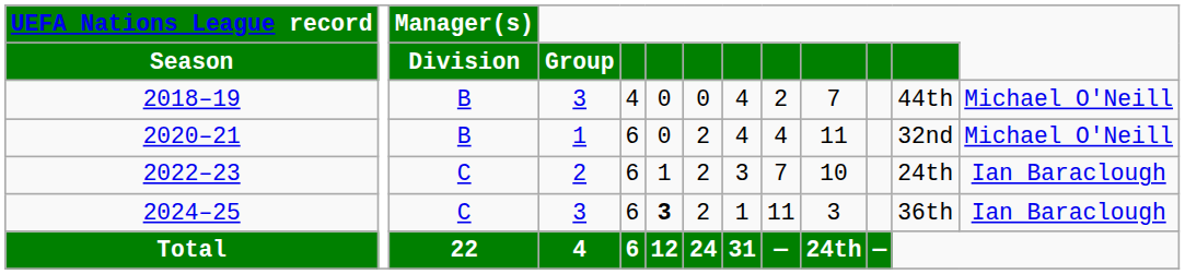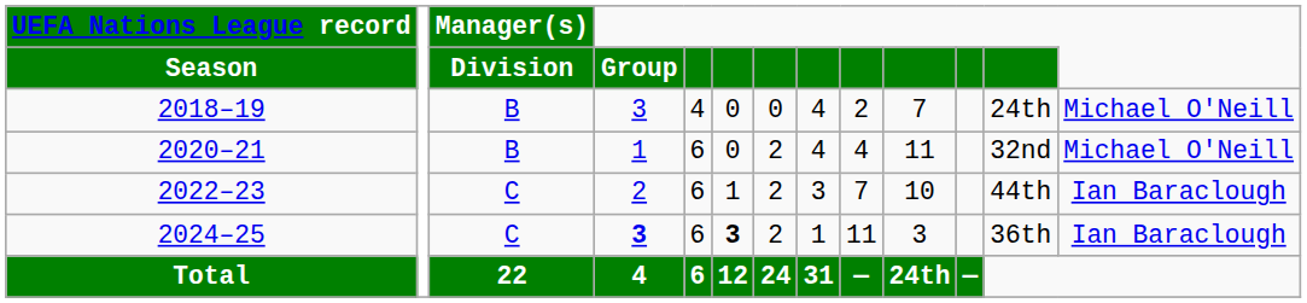 <table class="wikitable" style="text-align:center;">
 <tr>
 <th style="background-color:#008000; color:white; "><a href='#'>UEFA Nations League</a> record</th>
 <th style="background:white" rowspan="7"></th>
 <th style="background-color:#008000; color:white; ">Manager(s)</th>
 </tr>
 <tr>
 <th style="background-color:#008000; color:white; ">Season</th>
 <th style="background-color:#008000; color:white; ">Division</th>
 <th style="background-color:#008000; color:white; ">Group</th>
 <th style="background-color:#008000; color:white; "></th>
 <th style="background-color:#008000; color:white; "></th>
 <th style="background-color:#008000; color:white; "></th>
 <th style="background-color:#008000; color:white; "></th>
 <th style="background-color:#008000; color:white; "></th>
 <th style="background-color:#008000; color:white; "></th>
 <th style="background-color:#008000; color:white; "></th>
 <th style="background-color:#008000; color:white; "></th>
 </tr>
 <tr>
 <td><a href='#'>2018–19</a></td>
 <td><a href='#'>B</a></td>
 <td><a href='#'>3</a></td>
 <td>4</td>
 <td>0</td>
 <td>0</td>
 <td>4</td>
 <td>2</td>
 <td>7</td>
 <td></td>
-<td>44th</td>
+<td>24th</td>
 <td><a href='#'>Michael O'Neill</a></td>
 </tr>
 <tr>
 <td><a href='#'>2020–21</a></td>
 <td><a href='#'>B</a></td>
 <td><a href='#'>1</a></td>
 <td>6</td>
 <td>0</td>
 <td>2</td>
 <td>4</td>
 <td>4</td>
 <td>11</td>
 <td></td>
 <td>32nd</td>
 <td><a href='#'>Michael O'Neill</a></td>
 </tr>
 <tr>
 <td><a href='#'>2022–23</a></td>
 <td><a href='#'>C</a></td>
 <td><a href='#'>2</a></td>
 <td>6</td>
 <td>1</td>
 <td>2</td>
 <td>3</td>
 <td>7</td>
 <td>10</td>
 <td></td>
-<td>24th</td>
+<td>44th</td>
 <td><a href='#'>Ian Baraclough</a></td>
 </tr>
 <tr>
 <td><a href='#'>2024–25</a></td>
 <td><a href='#'>C</a></td>
-<td><a href='#'>3</a></td>
+<td><strong><a href='#'>3</a></strong></td>
 <td>6</td>
 <td><strong>3</strong></td>
 <td>2</td>
 <td>1</td>
 <td>11</td>
 <td>3</td>
 <td></td>
 <td>36th</td>
 <td><a href='#'>Ian Baraclough</a></td>
 </tr>
 <tr>
 <th style="background-color:#008000; color:white; "><strong>Total</strong></th>
 <th style="background-color:#008000; color:white; "><strong>22</strong></th>
 <th style="background-color:#008000; color:white; "><strong>4</strong></th>
 <th style="background-color:#008000; color:white; "><strong>6</strong></th>
 <th style="background-color:#008000; color:white; "><strong>12</strong></th>
 <th style="background-color:#008000; color:white; "><strong>24</strong></th>
 <th style="background-color:#008000; color:white; "><strong>31</strong></th>
 <th style="background-color:#008000; color:white; ">—</th>
 <th style="background-color:#008000; color:white; "><strong>24th</strong></th>
 <th style="background-color:#008000; color:white; ">—</th>
 </tr>
 </table>
